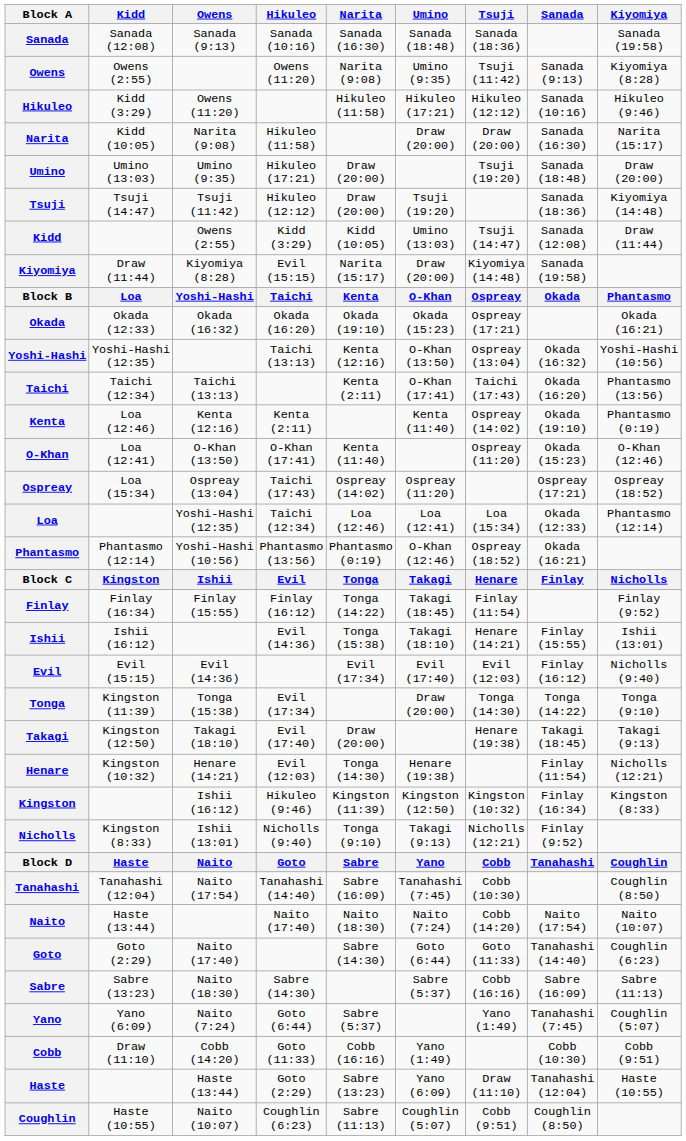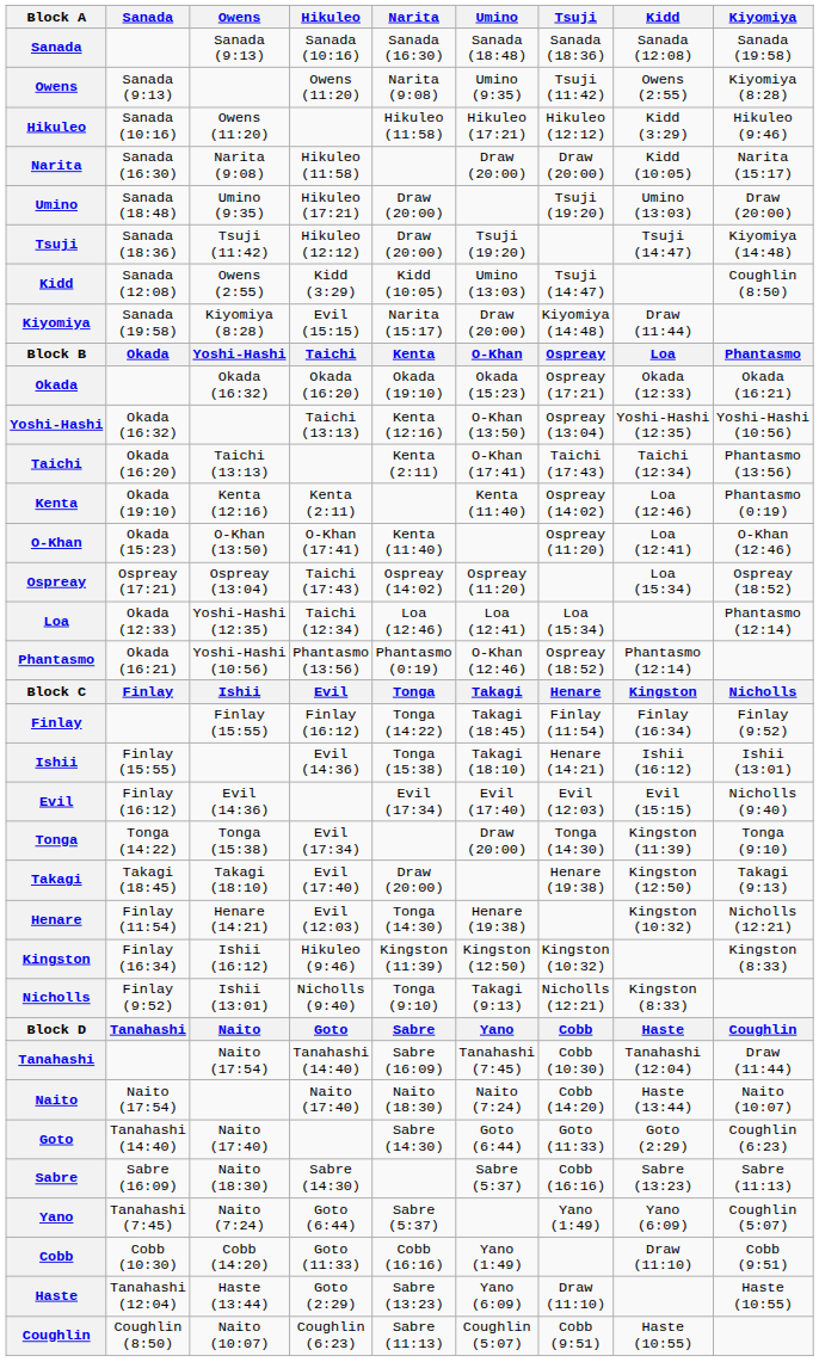 <table class="wikitable" style="margin: 1em auto 1em auto">
 <tr align="center">
 <th>Block A</th>
-<th><a href='#'>Kidd</a></th>
+<th><a href='#'>Sanada</a></th>
 <th><a href='#'>Owens</a></th>
 <th><a href='#'>Hikuleo</a></th>
 <th><a href='#'>Narita</a></th>
 <th><a href='#'>Umino</a></th>
 <th><a href='#'>Tsuji</a></th>
-<th><a href='#'>Sanada</a></th>
+<th><a href='#'>Kidd</a></th>
 <th><a href='#'>Kiyomiya</a></th>
 </tr>
 <tr align="center">
 <th><a href='#'>Sanada</a></th>
-<td>Sanada<br>(12:08)</td>
+<td></td>
 <td>Sanada<br>(9:13)</td>
 <td>Sanada<br>(10:16)</td>
 <td>Sanada<br>(16:30)</td>
 <td>Sanada<br>(18:48)</td>
 <td>Sanada<br>(18:36)</td>
-<td></td>
+<td>Sanada<br>(12:08)</td>
 <td>Sanada<br>(19:58)</td>
 </tr>
 <tr align="center">
 <th><a href='#'>Owens</a></th>
-<td>Owens<br>(2:55)</td>
+<td>Sanada<br>(9:13)</td>
 <td></td>
 <td>Owens<br>(11:20)</td>
 <td>Narita<br>(9:08)</td>
 <td>Umino<br>(9:35)</td>
 <td>Tsuji<br>(11:42)</td>
-<td>Sanada<br>(9:13)</td>
+<td>Owens<br>(2:55)</td>
 <td>Kiyomiya<br>(8:28)</td>
 </tr>
 <tr align="center">
 <th><a href='#'>Hikuleo</a></th>
-<td>Kidd<br>(3:29)</td>
+<td>Sanada<br>(10:16)</td>
 <td>Owens<br>(11:20)</td>
 <td></td>
 <td>Hikuleo<br>(11:58)</td>
 <td>Hikuleo<br>(17:21)</td>
 <td>Hikuleo<br>(12:12)</td>
-<td>Sanada<br>(10:16)</td>
+<td>Kidd<br>(3:29)</td>
 <td>Hikuleo<br>(9:46)</td>
 </tr>
 <tr align="center">
 <th><a href='#'>Narita</a></th>
-<td>Kidd<br>(10:05)</td>
+<td>Sanada<br>(16:30)</td>
 <td>Narita<br>(9:08)</td>
 <td>Hikuleo<br>(11:58)</td>
 <td></td>
 <td>Draw<br>(20:00)</td>
 <td>Draw<br>(20:00)</td>
-<td>Sanada<br>(16:30)</td>
+<td>Kidd<br>(10:05)</td>
 <td>Narita<br>(15:17)</td>
 </tr>
 <tr align="center">
 <th><a href='#'>Umino</a></th>
-<td>Umino<br>(13:03)</td>
+<td>Sanada<br>(18:48)</td>
 <td>Umino<br>(9:35)</td>
 <td>Hikuleo<br>(17:21)</td>
 <td>Draw<br>(20:00)</td>
 <td></td>
 <td>Tsuji<br>(19:20)</td>
-<td>Sanada<br>(18:48)</td>
+<td>Umino<br>(13:03)</td>
 <td>Draw<br>(20:00)</td>
 </tr>
 <tr align="center">
 <th><a href='#'>Tsuji</a></th>
-<td>Tsuji<br>(14:47)</td>
+<td>Sanada<br>(18:36)</td>
 <td>Tsuji<br>(11:42)</td>
 <td>Hikuleo<br>(12:12)</td>
 <td>Draw<br>(20:00)</td>
 <td>Tsuji<br>(19:20)</td>
 <td></td>
-<td>Sanada<br>(18:36)</td>
+<td>Tsuji<br>(14:47)</td>
 <td>Kiyomiya<br>(14:48)</td>
 </tr>
 <tr align="center">
 <th><a href='#'>Kidd</a></th>
-<td></td>
+<td>Sanada<br>(12:08)</td>
 <td>Owens<br>(2:55)</td>
 <td>Kidd<br>(3:29)</td>
 <td>Kidd<br>(10:05)</td>
 <td>Umino<br>(13:03)</td>
 <td>Tsuji<br>(14:47)</td>
-<td>Sanada<br>(12:08)</td>
-<td>Draw<br>(11:44)</td>
+<td></td>
+<td>Coughlin<br>(8:50)</td>
 </tr>
 <tr align="center">
 <th><a href='#'>Kiyomiya</a></th>
-<td>Draw<br>(11:44)</td>
+<td>Sanada<br>(19:58)</td>
 <td>Kiyomiya<br>(8:28)</td>
 <td>Evil<br>(15:15)</td>
 <td>Narita<br>(15:17)</td>
 <td>Draw<br>(20:00)</td>
 <td>Kiyomiya<br>(14:48)</td>
-<td>Sanada<br>(19:58)</td>
+<td>Draw<br>(11:44)</td>
 <td></td>
 </tr>
 <tr align="center">
 <th>Block B</th>
-<th><a href='#'>Loa</a></th>
+<th><a href='#'>Okada</a></th>
 <th><a href='#'>Yoshi-Hashi</a></th>
 <th><a href='#'>Taichi</a></th>
 <th><a href='#'>Kenta</a></th>
 <th><a href='#'>O-Khan</a></th>
 <th><a href='#'>Ospreay</a></th>
-<th><a href='#'>Okada</a></th>
+<th><a href='#'>Loa</a></th>
 <th><a href='#'>Phantasmo</a></th>
 </tr>
 <tr align="center">
 <th><a href='#'>Okada</a></th>
-<td>Okada<br>(12:33)</td>
+<td></td>
 <td>Okada<br>(16:32)</td>
 <td>Okada<br>(16:20)</td>
 <td>Okada<br>(19:10)</td>
 <td>Okada<br>(15:23)</td>
 <td>Ospreay<br>(17:21)</td>
-<td></td>
+<td>Okada<br>(12:33)</td>
 <td>Okada<br>(16:21)</td>
 </tr>
 <tr align="center">
 <th><a href='#'>Yoshi-Hashi</a></th>
-<td>Yoshi-Hashi<br>(12:35)</td>
+<td>Okada<br>(16:32)</td>
 <td></td>
 <td>Taichi<br>(13:13)</td>
 <td>Kenta<br>(12:16)</td>
 <td>O-Khan<br>(13:50)</td>
 <td>Ospreay<br>(13:04)</td>
-<td>Okada<br>(16:32)</td>
+<td>Yoshi-Hashi<br>(12:35)</td>
 <td>Yoshi-Hashi<br>(10:56)</td>
 </tr>
 <tr align="center">
 <th><a href='#'>Taichi</a></th>
-<td>Taichi<br>(12:34)</td>
+<td>Okada<br>(16:20)</td>
 <td>Taichi<br>(13:13)</td>
 <td></td>
 <td>Kenta<br>(2:11)</td>
 <td>O-Khan<br>(17:41)</td>
 <td>Taichi<br>(17:43)</td>
-<td>Okada<br>(16:20)</td>
+<td>Taichi<br>(12:34)</td>
 <td>Phantasmo<br>(13:56)</td>
 </tr>
 <tr align="center">
 <th><a href='#'>Kenta</a></th>
-<td>Loa<br>(12:46)</td>
+<td>Okada<br>(19:10)</td>
 <td>Kenta<br>(12:16)</td>
 <td>Kenta<br>(2:11)</td>
 <td></td>
 <td>Kenta<br>(11:40)</td>
 <td>Ospreay<br>(14:02)</td>
-<td>Okada<br>(19:10)</td>
+<td>Loa<br>(12:46)</td>
 <td>Phantasmo<br>(0:19)</td>
 </tr>
 <tr align="center">
 <th><a href='#'>O-Khan</a></th>
-<td>Loa<br>(12:41)</td>
+<td>Okada<br>(15:23)</td>
 <td>O-Khan<br>(13:50)</td>
 <td>O-Khan<br>(17:41)</td>
 <td>Kenta<br>(11:40)</td>
 <td></td>
 <td>Ospreay<br>(11:20)</td>
-<td>Okada<br>(15:23)</td>
+<td>Loa<br>(12:41)</td>
 <td>O-Khan<br>(12:46)</td>
 </tr>
 <tr align="center">
 <th><a href='#'>Ospreay</a></th>
-<td>Loa<br>(15:34)</td>
+<td>Ospreay<br>(17:21)</td>
 <td>Ospreay<br>(13:04)</td>
 <td>Taichi<br>(17:43)</td>
 <td>Ospreay<br>(14:02)</td>
 <td>Ospreay<br>(11:20)</td>
 <td></td>
-<td>Ospreay<br>(17:21)</td>
+<td>Loa<br>(15:34)</td>
 <td>Ospreay<br>(18:52)</td>
 </tr>
 <tr align="center">
 <th><a href='#'>Loa</a></th>
-<td></td>
+<td>Okada<br>(12:33)</td>
 <td>Yoshi-Hashi<br>(12:35)</td>
 <td>Taichi<br>(12:34)</td>
 <td>Loa<br>(12:46)</td>
 <td>Loa<br>(12:41)</td>
 <td>Loa<br>(15:34)</td>
-<td>Okada<br>(12:33)</td>
+<td></td>
 <td>Phantasmo<br>(12:14)</td>
 </tr>
 <tr align="center">
 <th><a href='#'>Phantasmo</a></th>
-<td>Phantasmo<br>(12:14)</td>
+<td>Okada<br>(16:21)</td>
 <td>Yoshi-Hashi<br>(10:56)</td>
 <td>Phantasmo<br>(13:56)</td>
 <td>Phantasmo<br>(0:19)</td>
 <td>O-Khan<br>(12:46)</td>
 <td>Ospreay<br>(18:52)</td>
-<td>Okada<br>(16:21)</td>
+<td>Phantasmo<br>(12:14)</td>
 <td></td>
 </tr>
 <tr align="center">
 <th>Block C</th>
-<th><a href='#'>Kingston</a></th>
+<th><a href='#'>Finlay</a></th>
 <th><a href='#'>Ishii</a></th>
 <th><a href='#'>Evil</a></th>
 <th><a href='#'>Tonga</a></th>
 <th><a href='#'>Takagi</a></th>
 <th><a href='#'>Henare</a></th>
-<th><a href='#'>Finlay</a></th>
+<th><a href='#'>Kingston</a></th>
 <th><a href='#'>Nicholls</a></th>
 </tr>
 <tr align="center">
 <th><a href='#'>Finlay</a></th>
-<td>Finlay<br>(16:34)</td>
+<td></td>
 <td>Finlay<br>(15:55)</td>
 <td>Finlay<br>(16:12)</td>
 <td>Tonga<br>(14:22)</td>
 <td>Takagi<br>(18:45)</td>
 <td>Finlay<br>(11:54)</td>
-<td></td>
+<td>Finlay<br>(16:34)</td>
 <td>Finlay<br>(9:52)</td>
 </tr>
 <tr align="center">
 <th><a href='#'>Ishii</a></th>
-<td>Ishii<br>(16:12)</td>
+<td>Finlay<br>(15:55)</td>
 <td></td>
 <td>Evil<br>(14:36)</td>
 <td>Tonga<br>(15:38)</td>
 <td>Takagi<br>(18:10)</td>
 <td>Henare<br>(14:21)</td>
-<td>Finlay<br>(15:55)</td>
+<td>Ishii<br>(16:12)</td>
 <td>Ishii<br>(13:01)</td>
 </tr>
 <tr align="center">
 <th><a href='#'>Evil</a></th>
-<td>Evil<br>(15:15)</td>
+<td>Finlay<br>(16:12)</td>
 <td>Evil<br>(14:36)</td>
 <td></td>
 <td>Evil<br>(17:34)</td>
 <td>Evil<br>(17:40)</td>
 <td>Evil<br>(12:03)</td>
-<td>Finlay<br>(16:12)</td>
+<td>Evil<br>(15:15)</td>
 <td>Nicholls<br>(9:40)</td>
 </tr>
 <tr align="center">
 <th><a href='#'>Tonga</a></th>
-<td>Kingston<br>(11:39)</td>
+<td>Tonga<br>(14:22)</td>
 <td>Tonga<br>(15:38)</td>
 <td>Evil<br>(17:34)</td>
 <td></td>
 <td>Draw<br>(20:00)</td>
 <td>Tonga<br>(14:30)</td>
-<td>Tonga<br>(14:22)</td>
+<td>Kingston<br>(11:39)</td>
 <td>Tonga<br>(9:10)</td>
 </tr>
 <tr align="center">
 <th><a href='#'>Takagi</a></th>
-<td>Kingston<br>(12:50)</td>
+<td>Takagi<br>(18:45)</td>
 <td>Takagi<br>(18:10)</td>
 <td>Evil<br>(17:40)</td>
 <td>Draw<br>(20:00)</td>
 <td></td>
 <td>Henare<br>(19:38)</td>
-<td>Takagi<br>(18:45)</td>
+<td>Kingston<br>(12:50)</td>
 <td>Takagi<br>(9:13)</td>
 </tr>
 <tr align="center">
 <th><a href='#'>Henare</a></th>
-<td>Kingston<br>(10:32)</td>
+<td>Finlay<br>(11:54)</td>
 <td>Henare<br>(14:21)</td>
 <td>Evil<br>(12:03)</td>
 <td>Tonga<br>(14:30)</td>
 <td>Henare<br>(19:38)</td>
 <td></td>
-<td>Finlay<br>(11:54)</td>
+<td>Kingston<br>(10:32)</td>
 <td>Nicholls<br>(12:21)</td>
 </tr>
 <tr align="center">
 <th><a href='#'>Kingston</a></th>
-<td></td>
+<td>Finlay<br>(16:34)</td>
 <td>Ishii<br>(16:12)</td>
 <td>Hikuleo<br>(9:46)</td>
 <td>Kingston<br>(11:39)</td>
 <td>Kingston<br>(12:50)</td>
 <td>Kingston<br>(10:32)</td>
-<td>Finlay<br>(16:34)</td>
+<td></td>
 <td>Kingston<br>(8:33)</td>
 </tr>
 <tr align="center">
 <th><a href='#'>Nicholls</a></th>
-<td>Kingston<br>(8:33)</td>
+<td>Finlay<br>(9:52)</td>
 <td>Ishii<br>(13:01)</td>
 <td>Nicholls<br>(9:40)</td>
 <td>Tonga<br>(9:10)</td>
 <td>Takagi<br>(9:13)</td>
 <td>Nicholls<br>(12:21)</td>
-<td>Finlay<br>(9:52)</td>
+<td>Kingston<br>(8:33)</td>
 <td></td>
 </tr>
 <tr align="center">
 <th>Block D</th>
-<th><a href='#'>Haste</a></th>
+<th><a href='#'>Tanahashi</a></th>
 <th><a href='#'>Naito</a></th>
 <th><a href='#'>Goto</a></th>
 <th><a href='#'>Sabre</a></th>
 <th><a href='#'>Yano</a></th>
 <th><a href='#'>Cobb</a></th>
-<th><a href='#'>Tanahashi</a></th>
+<th><a href='#'>Haste</a></th>
 <th><a href='#'>Coughlin</a></th>
 </tr>
 <tr align="center">
 <th><a href='#'>Tanahashi</a></th>
-<td>Tanahashi<br>(12:04)</td>
+<td></td>
 <td>Naito<br>(17:54)</td>
 <td>Tanahashi<br>(14:40)</td>
 <td>Sabre<br>(16:09)</td>
 <td>Tanahashi<br>(7:45)</td>
 <td>Cobb<br>(10:30)</td>
-<td></td>
-<td>Coughlin<br>(8:50)</td>
+<td>Tanahashi<br>(12:04)</td>
+<td>Draw<br>(11:44)</td>
 </tr>
 <tr align="center">
 <th><a href='#'>Naito</a></th>
-<td>Haste<br>(13:44)</td>
+<td>Naito<br>(17:54)</td>
 <td></td>
 <td>Naito<br>(17:40)</td>
 <td>Naito<br>(18:30)</td>
 <td>Naito<br>(7:24)</td>
 <td>Cobb<br>(14:20)</td>
-<td>Naito<br>(17:54)</td>
+<td>Haste<br>(13:44)</td>
 <td>Naito<br>(10:07)</td>
 </tr>
 <tr align="center">
 <th><a href='#'>Goto</a></th>
-<td>Goto<br>(2:29)</td>
+<td>Tanahashi<br>(14:40)</td>
 <td>Naito<br>(17:40)</td>
 <td></td>
 <td>Sabre<br>(14:30)</td>
 <td>Goto<br>(6:44)</td>
 <td>Goto<br>(11:33)</td>
-<td>Tanahashi<br>(14:40)</td>
+<td>Goto<br>(2:29)</td>
 <td>Coughlin<br>(6:23)</td>
 </tr>
 <tr align="center">
 <th><a href='#'>Sabre</a></th>
-<td>Sabre<br>(13:23)</td>
+<td>Sabre<br>(16:09)</td>
 <td>Naito<br>(18:30)</td>
 <td>Sabre<br>(14:30)</td>
 <td></td>
 <td>Sabre<br>(5:37)</td>
 <td>Cobb<br>(16:16)</td>
-<td>Sabre<br>(16:09)</td>
+<td>Sabre<br>(13:23)</td>
 <td>Sabre<br>(11:13)</td>
 </tr>
 <tr align="center">
 <th><a href='#'>Yano</a></th>
-<td>Yano<br>(6:09)</td>
+<td>Tanahashi<br>(7:45)</td>
 <td>Naito<br>(7:24)</td>
 <td>Goto<br>(6:44)</td>
 <td>Sabre<br>(5:37)</td>
 <td></td>
 <td>Yano<br>(1:49)</td>
-<td>Tanahashi<br>(7:45)</td>
+<td>Yano<br>(6:09)</td>
 <td>Coughlin<br>(5:07)</td>
 </tr>
 <tr align="center">
 <th><a href='#'>Cobb</a></th>
-<td>Draw<br>(11:10)</td>
+<td>Cobb<br>(10:30)</td>
 <td>Cobb<br>(14:20)</td>
 <td>Goto<br>(11:33)</td>
 <td>Cobb<br>(16:16)</td>
 <td>Yano<br>(1:49)</td>
 <td></td>
-<td>Cobb<br>(10:30)</td>
+<td>Draw<br>(11:10)</td>
 <td>Cobb<br>(9:51)</td>
 </tr>
 <tr align="center">
 <th><a href='#'>Haste</a></th>
-<td></td>
+<td>Tanahashi<br>(12:04)</td>
 <td>Haste<br>(13:44)</td>
 <td>Goto<br>(2:29)</td>
 <td>Sabre<br>(13:23)</td>
 <td>Yano<br>(6:09)</td>
 <td>Draw<br>(11:10)</td>
-<td>Tanahashi<br>(12:04)</td>
+<td></td>
 <td>Haste<br>(10:55)</td>
 </tr>
 <tr align="center">
 <th><a href='#'>Coughlin</a></th>
-<td>Haste<br>(10:55)</td>
+<td>Coughlin<br>(8:50)</td>
 <td>Naito<br>(10:07)</td>
 <td>Coughlin<br>(6:23)</td>
 <td>Sabre<br>(11:13)</td>
 <td>Coughlin<br>(5:07)</td>
 <td>Cobb<br>(9:51)</td>
-<td>Coughlin<br>(8:50)</td>
+<td>Haste<br>(10:55)</td>
 <td></td>
 </tr>
 </table>
